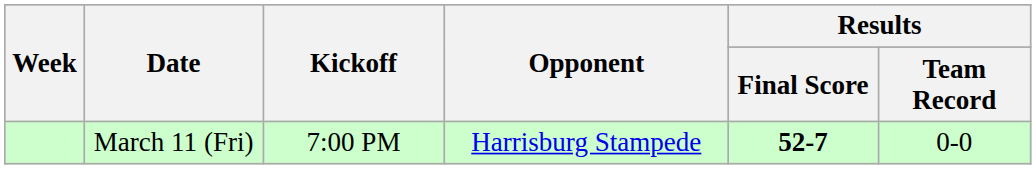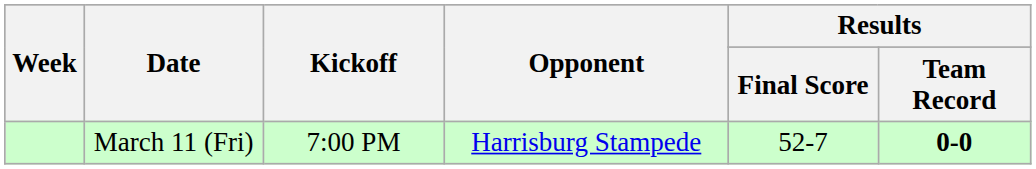 <table class="wikitable">
 <tr>
 <th rowspan="2" width="40">Week</th>
 <th rowspan="2" width="110">Date</th>
 <th rowspan="2" width="110">Kickoff</th>
 <th rowspan="2" width="180">Opponent</th>
 <th colspan="2" width="180">Results</th>
 </tr>
 <tr>
 <th width="90">Final Score</th>
 <th width="90">Team Record</th>
 </tr>
 <tr align="center" bgcolor="#CCFFCC">
 <td align="center"></td>
 <td align="center">March 11 (Fri)</td>
 <td align="center">7:00 PM</td>
 <td align="center"><a href='#'>Harrisburg Stampede</a></td>
-<td align="center"><strong>52-7</strong></td>
-<td align="center">0-0</td>
+<td align="center">52-7</td>
+<td align="center"><strong>0-0</strong></td>
 </tr>
 </table>
